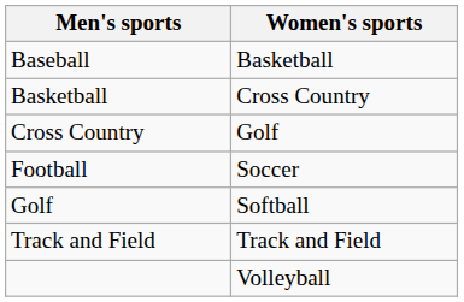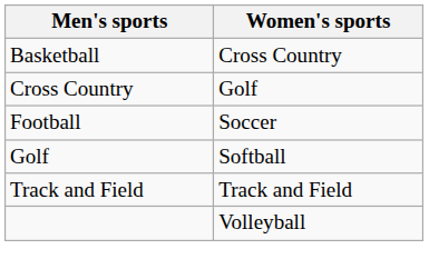 <table class= wikitable>
 <tr>
 <th width=150px>Men's sports</th>
 <th width=150px>Women's sports</th>
-</tr>
-<tr>
-<td>Baseball</td>
-<td>Basketball</td>
 </tr>
 <tr>
 <td>Basketball</td>
 <td>Cross Country</td>
 </tr>
 <tr>
 <td>Cross Country</td>
 <td>Golf</td>
 </tr>
 <tr>
 <td>Football</td>
 <td>Soccer</td>
 </tr>
 <tr>
 <td>Golf</td>
 <td>Softball</td>
 </tr>
 <tr>
 <td>Track and Field</td>
 <td>Track and Field</td>
 </tr>
 <tr>
 <td></td>
 <td>Volleyball</td>
 </tr>
 </table>
